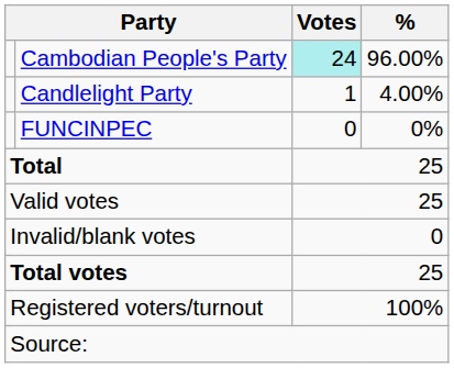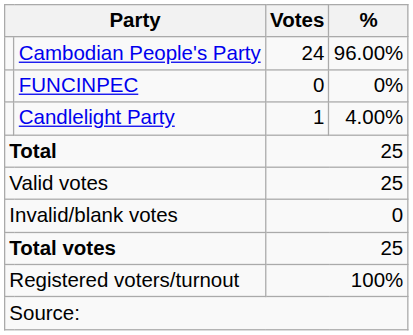 <table class="wikitable mw-collapsible mw-collapsed" style="text-align:right">
 <tr>
 <th colspan="2">Party</th>
 <th>Votes</th>
 <th>%</th>
 </tr>
 <tr>
 <td></td>
 <td align="left"><a href='#'>Cambodian People's Party</a></td>
-<td style="background: paleturquoise;">24</td>
+<td>24</td>
 <td>96.00%</td>
+</tr>
+<tr>
+<td></td>
+<td align="left"><a href='#'>FUNCINPEC</a></td>
+<td>0</td>
+<td>0%</td>
 </tr>
 <tr>
 <td></td>
 <td align="left"><a href='#'>Candlelight Party</a></td>
 <td>1</td>
 <td>4.00%</td>
-</tr>
-<tr>
-<td></td>
-<td align="left"><a href='#'>FUNCINPEC</a></td>
-<td>0</td>
-<td>0%</td>
 </tr>
 <tr>
 <td colspan="2" style="text-align:left;"><strong>Total</strong></td>
 <td colspan="2">25</td>
 </tr>
 <tr>
 <td colspan="2" style="text-align:left;">Valid votes</td>
 <td colspan="2">25</td>
 </tr>
 <tr>
 <td colspan="2" style="text-align:left;">Invalid/blank votes</td>
 <td colspan="2">0</td>
 </tr>
 <tr>
 <td colspan="2" style="text-align:left;"><strong>Total votes</strong></td>
 <td colspan="2">25</td>
 </tr>
 <tr>
 <td colspan="2" style="text-align:left;">Registered voters/turnout</td>
 <td colspan="2">100%</td>
 </tr>
 <tr>
 <td colspan="4" style="text-align:left;">Source: </td>
 </tr>
 </table>
